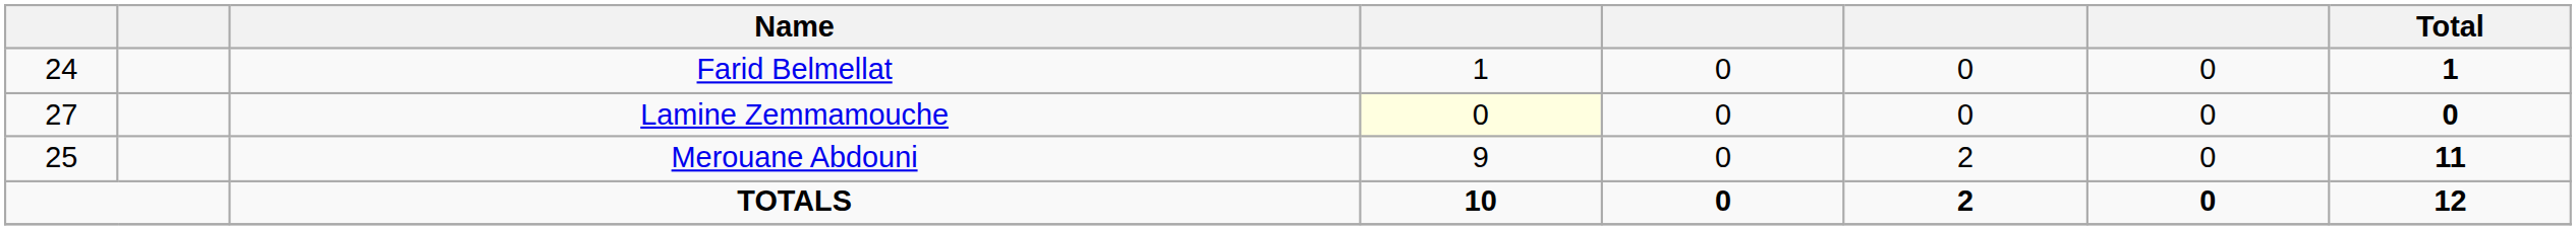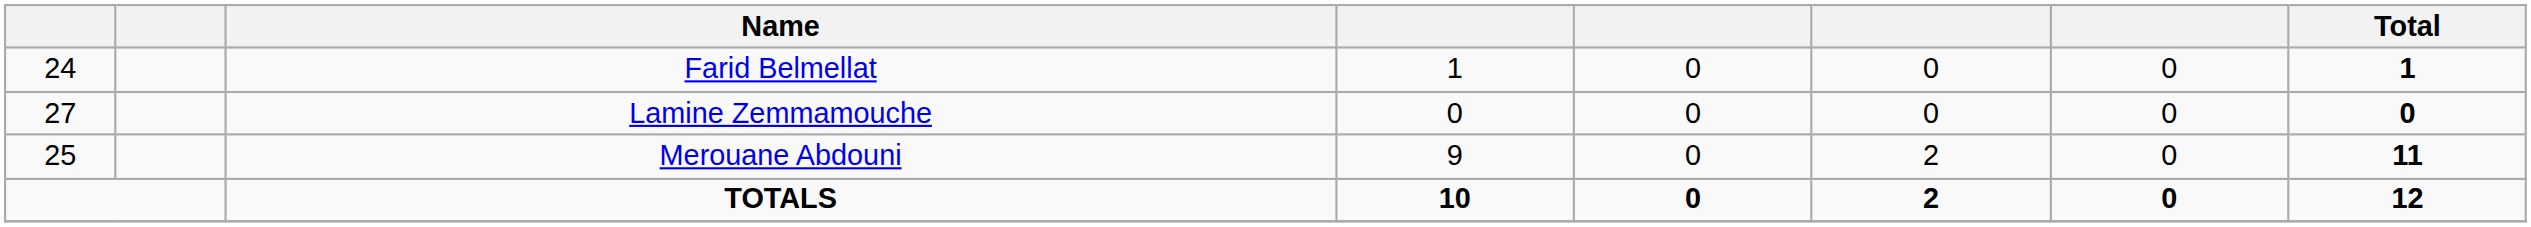 <table class="wikitable sortable alternance"  style="font-size:85%; text-align:center; line-height:14px; width:60%;">
 <tr>
 <th width=15></th>
 <th width=15></th>
 <th width=210>Name</th>
 <th width=40></th>
 <th width=40></th>
 <th width=40></th>
 <th width=40></th>
 <th width=40>Total</th>
 </tr>
 <tr>
 <td>24</td>
 <td></td>
 <td><a href='#'>Farid Belmellat</a></td>
 <td>1</td>
 <td>0</td>
 <td>0</td>
 <td>0</td>
 <td><strong>1</strong></td>
 </tr>
 <tr>
 <td>27</td>
 <td></td>
 <td><a href='#'>Lamine Zemmamouche</a></td>
-<td style="background: lightyellow;">0</td>
+<td>0</td>
 <td>0</td>
 <td>0</td>
 <td>0</td>
 <td><strong>0</strong></td>
 </tr>
 <tr>
 <td>25</td>
 <td></td>
 <td><a href='#'>Merouane Abdouni</a></td>
 <td>9</td>
 <td>0</td>
 <td>2</td>
 <td>0</td>
 <td><strong>11</strong></td>
 </tr>
 <tr>
 <td colspan="2"></td>
 <td><strong>TOTALS</strong></td>
 <td><strong>10</strong></td>
 <td><strong>0</strong></td>
 <td><strong>2</strong></td>
 <td><strong>0</strong></td>
 <td><strong>12</strong></td>
 </tr>
 <tr>
 </tr>
 </table>
